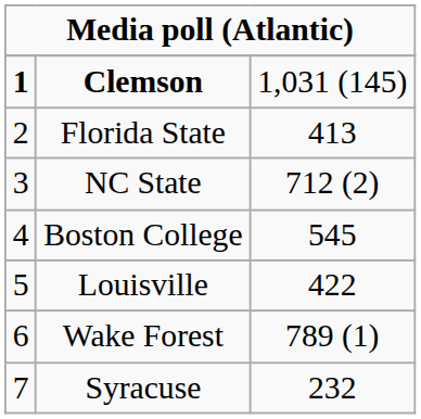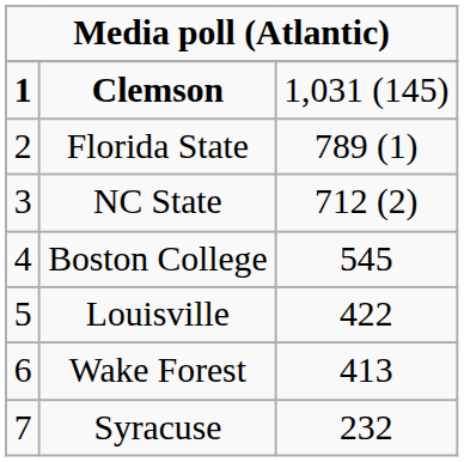 <table class="wikitable">
 <tr align="center">
 <td align="center" Colspan="3"><strong>Media poll (Atlantic)</strong></td>
 </tr>
 <tr align="center">
 </tr>
 <tr align="center">
 <td><strong>1</strong></td>
 <td><strong>Clemson</strong></td>
 <td>1,031 (145)</td>
 </tr>
 <tr align="center">
 <td>2</td>
 <td>Florida State</td>
-<td>413</td>
+<td>789 (1)</td>
 </tr>
 <tr align="center">
 <td>3</td>
 <td>NC State</td>
 <td>712 (2)</td>
 </tr>
 <tr align="center">
 <td>4</td>
 <td>Boston College</td>
 <td>545</td>
 </tr>
 <tr align="center">
 <td>5</td>
 <td>Louisville</td>
 <td>422</td>
 </tr>
 <tr align="center">
 <td>6</td>
 <td>Wake Forest</td>
-<td>789 (1)</td>
+<td>413</td>
 </tr>
 <tr align="center">
 <td>7</td>
 <td>Syracuse</td>
 <td>232</td>
 </tr>
 </table>
